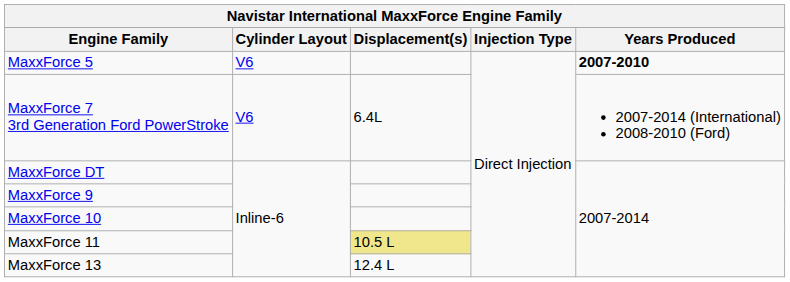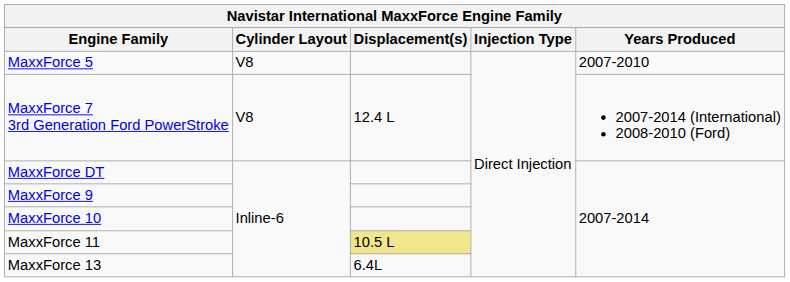 <table class="wikitable" border="1">
 <tr>
 <th colspan=5>Navistar International MaxxForce Engine Family</th>
 </tr>
 <tr>
 </tr>
 <tr>
 <th>Engine Family</th>
 <th>Cylinder Layout</th>
 <th>Displacement(s)</th>
 <th>Injection Type</th>
 <th>Years Produced</th>
 </tr>
 <tr>
 <td><a href='#'>MaxxForce 5</a></td>
-<td><a href='#'>V6</a></td>
+<td>V8</td>
 <td></td>
 <td rowspan=7>Direct Injection</td>
-<td><strong>2007-2010</strong></td>
+<td>2007-2010</td>
 </tr>
 <tr>
 <td><a href='#'>MaxxForce 7<br> 3rd Generation Ford PowerStroke</a></td>
-<td><a href='#'>V6</a></td>
-<td>6.4L</td>
+<td>V8</td>
+<td>12.4 L</td>
 <td><br><ul><li>2007-2014 (International)</li><li>2008-2010 (Ford)</li></ul></td>
 </tr>
 <tr>
 <td><a href='#'>MaxxForce DT</a></td>
 <td rowspan=5>Inline-6</td>
 <td></td>
 <td rowspan=5>2007-2014</td>
 </tr>
 <tr>
 <td><a href='#'>MaxxForce 9</a></td>
 <td></td>
 </tr>
 <tr>
 <td><a href='#'>MaxxForce 10</a></td>
 <td></td>
 </tr>
 <tr>
 <td>MaxxForce 11</td>
 <td style="background: khaki;">10.5 L</td>
 </tr>
 <tr>
 <td>MaxxForce 13</td>
-<td>12.4 L</td>
+<td>6.4L</td>
 </tr>
 </table>
